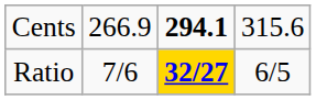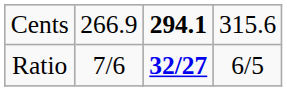 <table class="wikitable" style="text-align:center;">
 <tr>
 <td>Cents</td>
 <td>266.9</td>
 <td><strong>294.1</strong></td>
 <td>315.6</td>
 </tr>
 <tr>
 <td>Ratio</td>
 <td>7/6</td>
-<td style="background: gold;"><strong><a href='#'>32/27</a></strong></td>
+<td><strong><a href='#'>32/27</a></strong></td>
 <td>6/5</td>
 </tr>
 </table>
